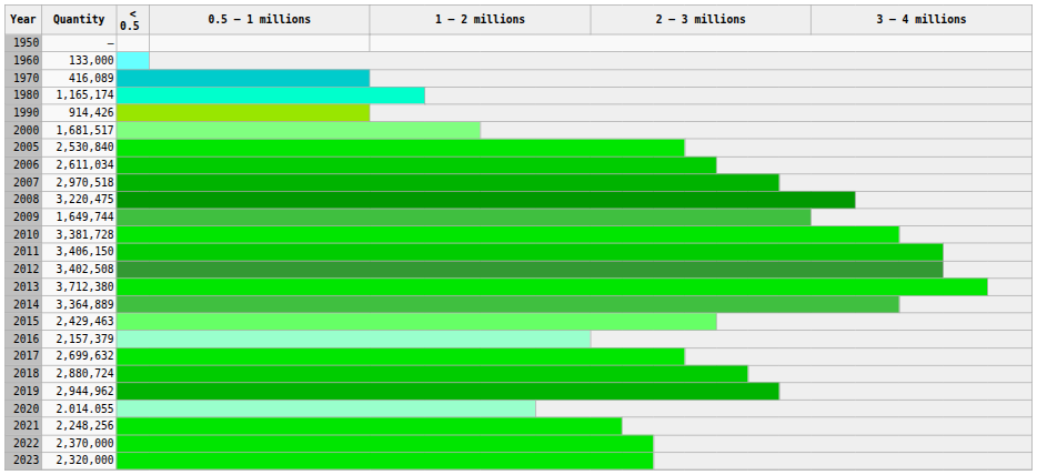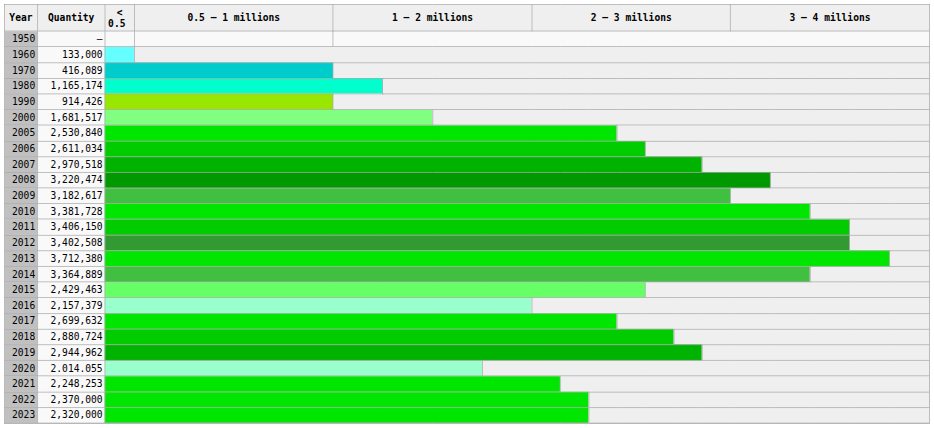 <table class="wikitable sortable">
 <tr>
 <th colspan="1" width="3%" style="background:#EFEFEF;" !align="right">Year</th>
 <th colspan="1" width="6%" style="background:#EFEFEF;" !align="right">Quantity</th>
 <th colspan="1" width="1%" style="background:#EFEFEF;" class="unsortable" !align="right">< 0.5 </th>
 <th colspan="10" width="18%" style="background:#EFEFEF;" class="unsortable" !align="right">0.5 – 1 millions</th>
 <th colspan="10" width="18%" style="background:#EFEFEF;" class="unsortable" !align="right">1 – 2 millions</th>
 <th colspan="10" width="18%" style="background:#EFEFEF;" class="unsortable" !align="right">2 – 3 millions</th>
 <th colspan="10" width="18%" style="background:#EFEFEF;" class="unsortable" !align="right">3 – 4 millions</th>
 </tr>
 <tr align="right">
 <td colspan="1" style="background:#C0C0C0;">1950</td>
 <td>–</td>
 <td colspan="style="></td>
 <td colspan="style="> </td>
 </tr>
 <tr align="right">
 <td colspan="1" style="background:#C0C0C0;">1960</td>
 <td>133,000</td>
 <td colspan="1" style="background:#66FFFF;"> </td>
 <td colspan="40" style="background:#EFEFEF;"> </td>
 </tr>
 <tr align="right">
 <td colspan="1" style="background:#C0C0C0;">1970</td>
 <td>416,089</td>
 <td colspan="2" style="background:#00CCCC;"> </td>
 <td colspan="40" style="background:#EFEFEF;"> </td>
 </tr>
 <tr align="right">
 <td colspan="1" style="background:#C0C0C0;">1980</td>
 <td>1,165,174</td>
 <td colspan="14" style="background:#00FFCC;"> </td>
 <td colspan="40" style="background:#EFEFEF;"> </td>
 </tr>
 <tr align="right">
 <td colspan="1" style="background:#C0C0C0;">1990</td>
 <td>914,426</td>
 <td colspan="10" style="background:#99E600;"> </td>
 <td colspan="40" style="background:#EFEFEF;"> </td>
 </tr>
 <tr align="right">
 <td colspan="1" style="background:#C0C0C0;">2000</td>
 <td>1,681,517</td>
 <td colspan="18" style="background:#80FF80;"> </td>
 <td colspan="40" style="background:#EFEFEF;"> </td>
 </tr>
 <tr align="right">
 <td colspan="1" style="background:#C0C0C0;">2005</td>
 <td>2,530,840</td>
 <td colspan="26" style="background:#00E600;"> </td>
 <td colspan="40" style="background:#EFEFEF;"> </td>
 </tr>
 <tr align="right">
 <td colspan="1" style="background:#C0C0C0;">2006</td>
 <td>2,611,034</td>
 <td colspan="27" style="background:#00CC00;"> </td>
 <td colspan="40" style="background:#EFEFEF;"> </td>
 </tr>
 <tr align="right">
 <td colspan="1" style="background:#C0C0C0;">2007</td>
 <td>2,970,518</td>
 <td colspan="30" style="background:#00B300;"> </td>
 <td colspan="40" style="background:#EFEFEF;"> </td>
 </tr>
 <tr align="right">
 <td colspan="1" style="background:#C0C0C0;">2008</td>
-<td>3,220,475</td>
+<td>3,220,474</td>
 <td colspan="32" style="background:#009900;"> </td>
 <td colspan="40" style="background:#EFEFEF;"> </td>
 </tr>
 <tr align="right">
 <td colspan="1" style="background:#C0C0C0;">2009</td>
-<td>1,649,744</td>
+<td>3,182,617</td>
 <td colspan="31" style="background:#40BF40;"> </td>
 <td colspan="40" style="background:#EFEFEF;"> </td>
 </tr>
 <tr align="right">
 <td colspan="1" style="background:#C0C0C0;">2010</td>
 <td>3,381,728</td>
 <td colspan="33" style="background:#00E600;"> </td>
 <td colspan="40" style="background:#EFEFEF;"> </td>
 </tr>
 <tr align="right">
 <td colspan="1" style="background:#C0C0C0;">2011</td>
 <td>3,406,150</td>
 <td colspan="34" style="background:#00CC00;"> </td>
 <td colspan="40" style="background:#EFEFEF;"> </td>
 </tr>
 <tr align="right">
 <td colspan="1" style="background:#C0C0C0;">2012</td>
 <td>3,402,508</td>
 <td colspan="34" style="background:#339933;"> </td>
 <td colspan="40" style="background:#EFEFEF;"> </td>
 </tr>
 <tr align="right">
 <td colspan="1" style="background:#C0C0C0;">2013</td>
 <td>3,712,380</td>
 <td colspan="37" style="background:#00E600;"> </td>
 <td colspan="40" style="background:#EFEFEF;"> </td>
 </tr>
 <tr align="right">
 <td colspan="1" style="background:#C0C0C0;">2014</td>
 <td>3,364,889</td>
 <td colspan="33" style="background:#40BF40;"> </td>
 <td colspan="40" style="background:#EFEFEF;"> </td>
 </tr>
 <tr align="right">
 <td colspan="1" style="background:#C0C0C0;">2015</td>
 <td>2,429,463</td>
 <td colspan="27" style="background:#66FF66;"> </td>
 <td colspan="15" style="background:#EFEFEF;"> </td>
 </tr>
 <tr align="right">
 <td colspan="1" style="background:#C0C0C0;">2016</td>
 <td>2,157,379</td>
 <td colspan="21" style="background:#99FFCC;"> </td>
 <td colspan="40" style="background:#EFEFEF;"> </td>
 </tr>
 <tr align="right">
 <td colspan="1" style="background:#C0C0C0;">2017</td>
 <td>2,699,632</td>
 <td colspan="26" style="background:#00E600;"></td>
 <td colspan="40" style="background:#EFEFEF;"></td>
 </tr>
 <tr align="right">
 <td colspan="1" style="background:#C0C0C0;">2018</td>
 <td>2,880,724</td>
 <td colspan="28" style="background:#00CC00;"></td>
 <td colspan="40" style="background:#EFEFEF;"></td>
 </tr>
 <tr align="right">
 <td colspan="1" style="background:#C0C0C0;">2019</td>
 <td>2,944,962</td>
 <td colspan="30" style="background:#00B300;"></td>
 <td colspan="40" style="background:#EFEFEF;"></td>
 </tr>
 <tr align="right">
 <td colspan="1" style="background:#C0C0C0;">2020</td>
 <td>2.014.055</td>
 <td colspan="20" style="background:#99FFCC;"></td>
 <td colspan="40" style="background:#EFEFEF;"> </td>
 </tr>
 <tr align="right">
 <td colspan="1" style="background:#C0C0C0;">2021</td>
-<td>2,248,256</td>
+<td>2,248,253</td>
 <td colspan="22" style="background:#00E600;"> </td>
 <td colspan="40" style="background:#EFEFEF;"></td>
 </tr>
 <tr align="right">
 <td colspan="1" style="background:#C0C0C0;">2022</td>
 <td>2,370,000</td>
 <td colspan="25" style="background:#00E600;"> </td>
 <td colspan="40" style="background:#EFEFEF;"></td>
 </tr>
 <tr align="right">
 <td colspan="1" style="background:#C0C0C0;">2023</td>
 <td>2,320,000</td>
 <td colspan="25" style="background:#00E600;"> </td>
 <td colspan="40" style="background:#EFEFEF;"></td>
 </tr>
 <tr>
 </tr>
 </table>
